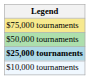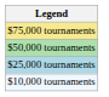 <table class=wikitable style="font-size:85%;">
 <tr>
 <th>Legend</th>
 </tr>
 <tr style="background:#f7e98e;">
 <td>$75,000 tournaments</td>
 </tr>
 <tr style="background:#addfad;">
 <td>$50,000 tournaments</td>
 </tr>
 <tr style="background:lightblue;">
-<td><strong>$25,000 tournaments</strong></td>
+<td>$25,000 tournaments</td>
 </tr>
 <tr style="background:#f0f8ff;">
 <td>$10,000 tournaments</td>
 </tr>
 </table>
